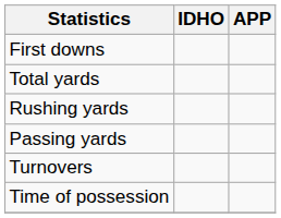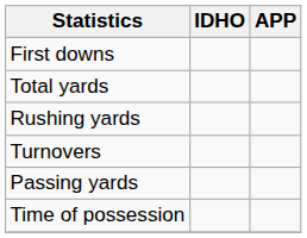 <table class="wikitable" style="float: left;">
 <tr>
 <th>Statistics</th>
 <th>IDHO</th>
 <th>APP</th>
 </tr>
 <tr>
 <td>First downs</td>
 <td></td>
 <td></td>
 </tr>
 <tr>
 <td>Total yards</td>
 <td></td>
 <td></td>
 </tr>
 <tr>
 <td>Rushing yards</td>
 <td></td>
 <td></td>
 </tr>
 <tr>
-<td>Passing yards</td>
+<td>Turnovers</td>
 <td></td>
 <td></td>
 </tr>
 <tr>
-<td>Turnovers</td>
+<td>Passing yards</td>
 <td></td>
 <td></td>
 </tr>
 <tr>
 <td>Time of possession</td>
 <td></td>
 <td></td>
 </tr>
 <tr>
 </tr>
 </table>
